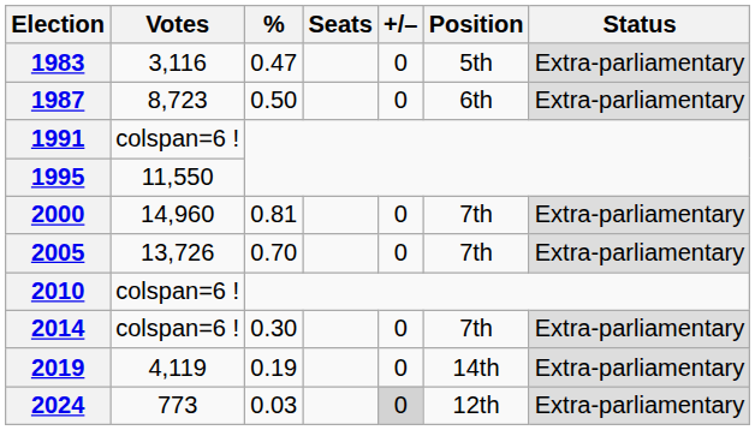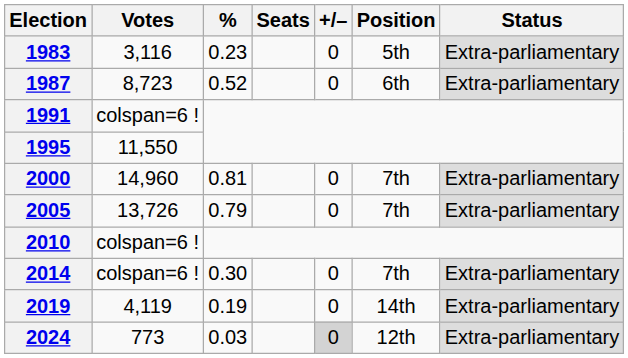 <table class=wikitable style="text-align: center;">
 <tr>
 <th>Election</th>
 <th>Votes</th>
 <th>%</th>
 <th>Seats</th>
 <th>+/–</th>
 <th>Position</th>
 <th>Status</th>
 </tr>
 <tr>
 <th><a href='#'>1983</a></th>
 <td>3,116</td>
-<td>0.47</td>
+<td>0.23</td>
 <td></td>
 <td> 0</td>
 <td> 5th</td>
 <td align=center style="background:#ddd;">Extra-parliamentary</td>
 </tr>
 <tr>
 <th><a href='#'>1987</a></th>
 <td>8,723</td>
-<td>0.50</td>
+<td>0.52</td>
 <td></td>
 <td> 0</td>
 <td> 6th</td>
 <td align=center style="background:#ddd;">Extra-parliamentary</td>
 </tr>
 <tr>
 <th><a href='#'>1991</a></th>
 <td>colspan=6 ! </td>
 </tr>
 <tr>
 <th><a href='#'>1995</a></th>
 <td>11,550</td>
 </tr>
 <tr>
 <th><a href='#'>2000</a></th>
 <td>14,960</td>
 <td>0.81</td>
 <td></td>
 <td> 0</td>
 <td> 7th</td>
 <td align=center style="background:#ddd;">Extra-parliamentary</td>
 </tr>
 <tr>
 <th><a href='#'>2005</a></th>
 <td>13,726</td>
-<td>0.70</td>
+<td>0.79</td>
 <td></td>
 <td> 0</td>
 <td> 7th</td>
 <td align=center style="background:#ddd;">Extra-parliamentary</td>
 </tr>
 <tr>
 <th><a href='#'>2010</a></th>
 <td>colspan=6 ! </td>
 </tr>
 <tr>
 <th><a href='#'>2014</a></th>
 <td>colspan=6 ! </td>
 <td>0.30</td>
 <td></td>
 <td> 0</td>
 <td> 7th</td>
 <td align=center style="background:#ddd;">Extra-parliamentary</td>
 </tr>
 <tr>
 <th><a href='#'>2019</a></th>
 <td>4,119</td>
 <td>0.19</td>
 <td></td>
 <td> 0</td>
 <td> 14th</td>
 <td align=center style="background:#ddd;">Extra-parliamentary</td>
 </tr>
 <tr>
 <th><a href='#'>2024</a></th>
 <td>773</td>
 <td>0.03</td>
 <td></td>
 <td style="background: lightgrey;"> 0</td>
 <td> 12th</td>
 <td align=center style="background:#ddd;">Extra-parliamentary</td>
 </tr>
 </table>
